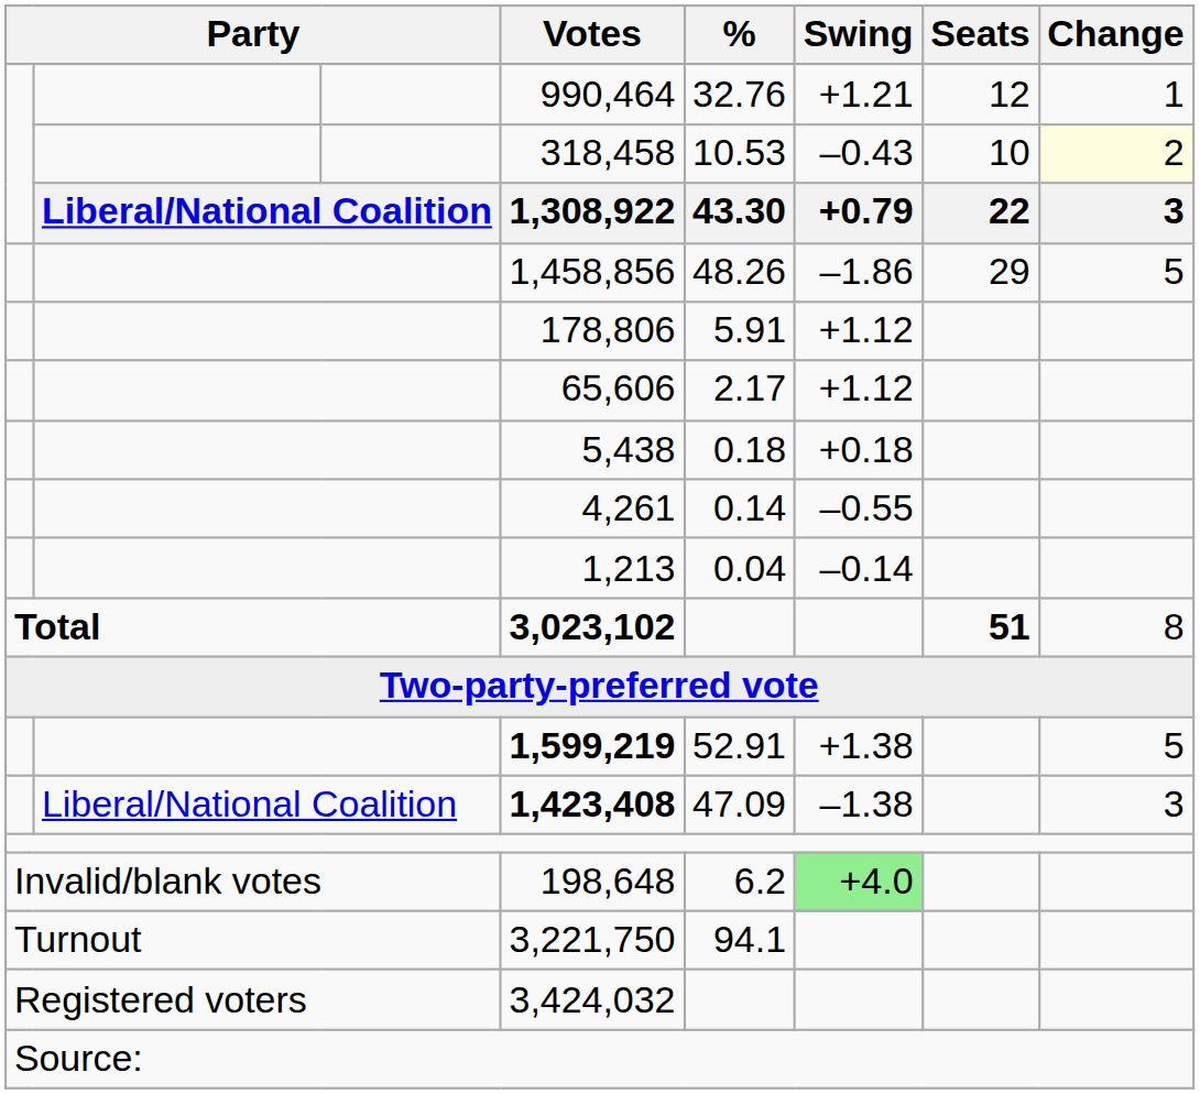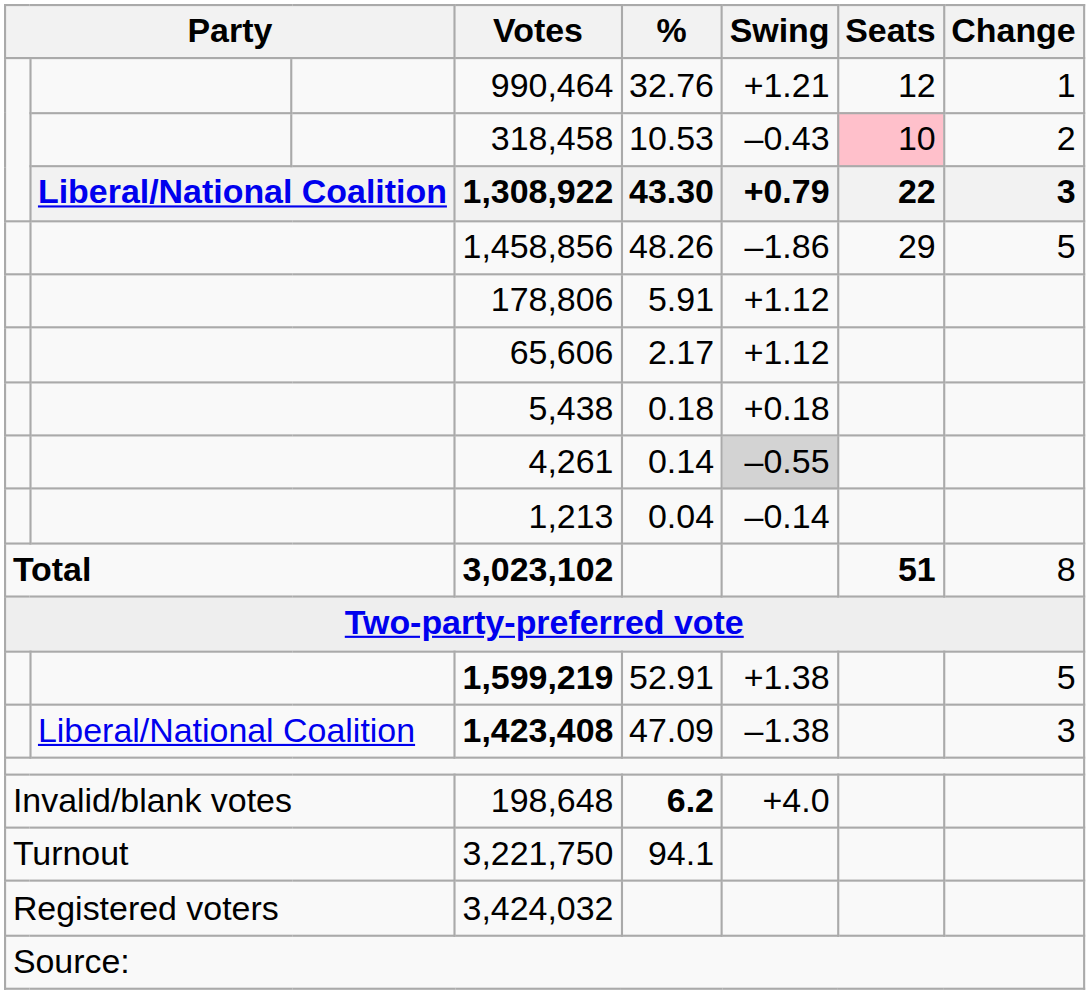 <table class="wikitable">
 <tr>
 <th colspan="3" style="width:200px"><strong>Party</strong></th>
 <th style="width:70px; text-align:center;"><strong>Votes</strong></th>
 <th style="width:40px; text-align:center;"><strong>%</strong></th>
 <th style="width:40px; text-align:center;"><strong>Swing</strong></th>
 <th style="width:40px; text-align:center;"><strong>Seats</strong></th>
 <th style="width:40px; text-align:center;"><strong>Change</strong></th>
 </tr>
 <tr>
 <td rowspan="3"> </td>
 <td> </td>
 <td></td>
 <td align=right>990,464</td>
 <td align=right>32.76</td>
 <td align=right>+1.21</td>
 <td align=right>12</td>
 <td align=right> 1</td>
 </tr>
 <tr>
 <td> </td>
 <td></td>
 <td align=right>318,458</td>
 <td align=right>10.53</td>
 <td align=right>–0.43</td>
-<td align=right>10</td>
-<td align=right style="background: lightyellow;"> 2</td>
+<td align=right style="background: pink;">10</td>
+<td align=right> 2</td>
 </tr>
 <tr>
 <th colspan="2" style="text-align:left;"><a href='#'>Liberal/National Coalition</a></th>
 <th style="text-align:right;">1,308,922</th>
 <th style="text-align:right;">43.30</th>
 <th style="text-align:right;">+0.79</th>
 <th style="text-align:right;">22</th>
 <th style="text-align:right;"> 3</th>
 </tr>
 <tr>
 <td> </td>
 <td colspan=2></td>
 <td align=right>1,458,856</td>
 <td align=right>48.26</td>
 <td align=right>–1.86</td>
 <td align=right>29</td>
 <td align=right> 5</td>
 </tr>
 <tr>
 <td> </td>
 <td colspan=2></td>
 <td align=right>178,806</td>
 <td align=right>5.91</td>
 <td align=right>+1.12</td>
 <td align=right></td>
 <td align=right></td>
 </tr>
 <tr>
 <td> </td>
 <td colspan=2></td>
 <td align=right>65,606</td>
 <td align=right>2.17</td>
 <td align=right>+1.12</td>
 <td align=right></td>
 <td align=right></td>
 </tr>
 <tr>
 <td> </td>
 <td colspan=2></td>
 <td align=right>5,438</td>
 <td align=right>0.18</td>
 <td align=right>+0.18</td>
 <td align=right></td>
 <td align=right></td>
 </tr>
 <tr>
 <td> </td>
 <td colspan=2></td>
 <td align=right>4,261</td>
 <td align=right>0.14</td>
-<td align=right>–0.55</td>
+<td align=right style="background: lightgrey;">–0.55</td>
 <td align=right></td>
 <td align=right></td>
 </tr>
 <tr>
 <td> </td>
 <td colspan=2></td>
 <td align=right>1,213</td>
 <td align=right>0.04</td>
 <td align=right>–0.14</td>
 <td align=right></td>
 <td align=right></td>
 </tr>
 <tr>
 <td colspan="3" align="left"><strong>Total</strong></td>
 <td align=right><strong>3,023,102</strong></td>
 <td align=right></td>
 <td align=right></td>
 <td align=right><strong>51</strong></td>
 <td align=right> 8</td>
 </tr>
 <tr>
 <td colspan="8" style="text-align:center; background:#eee;"><strong><a href='#'>Two-party-preferred vote</a></strong></td>
 </tr>
 <tr>
 <td> </td>
 <td colspan=2></td>
 <td align=right><strong>1,599,219</strong></td>
 <td align=right>52.91</td>
 <td align=right>+1.38</td>
 <td align=right></td>
 <td align=right> 5</td>
 </tr>
 <tr>
 <td> </td>
 <td colspan=2><a href='#'>Liberal/National Coalition</a></td>
 <td align=right><strong>1,423,408</strong></td>
 <td align=right>47.09</td>
 <td align=right>–1.38</td>
 <td align=right></td>
 <td align=right> 3</td>
 </tr>
 <tr>
 <td colspan="8"></td>
 </tr>
 <tr>
 <td colspan="3" style="text-align:left;">Invalid/blank votes</td>
 <td align="right">198,648</td>
-<td align="right">6.2</td>
-<td align="right" style="background: lightgreen;">+4.0</td>
+<td align="right"><strong>6.2</strong></td>
+<td align="right">+4.0</td>
 <td></td>
 <td></td>
 </tr>
 <tr>
 <td colspan="3" style="text-align:left;">Turnout</td>
 <td align="right">3,221,750</td>
 <td align="right">94.1</td>
 <td align="right"></td>
 <td></td>
 <td></td>
 </tr>
 <tr>
 <td colspan="3" style="text-align:left;">Registered voters</td>
 <td align="right">3,424,032</td>
 <td></td>
 <td></td>
 <td></td>
 <td></td>
 </tr>
 <tr>
 <td colspan="8" align="left">Source: </td>
 </tr>
 </table>
